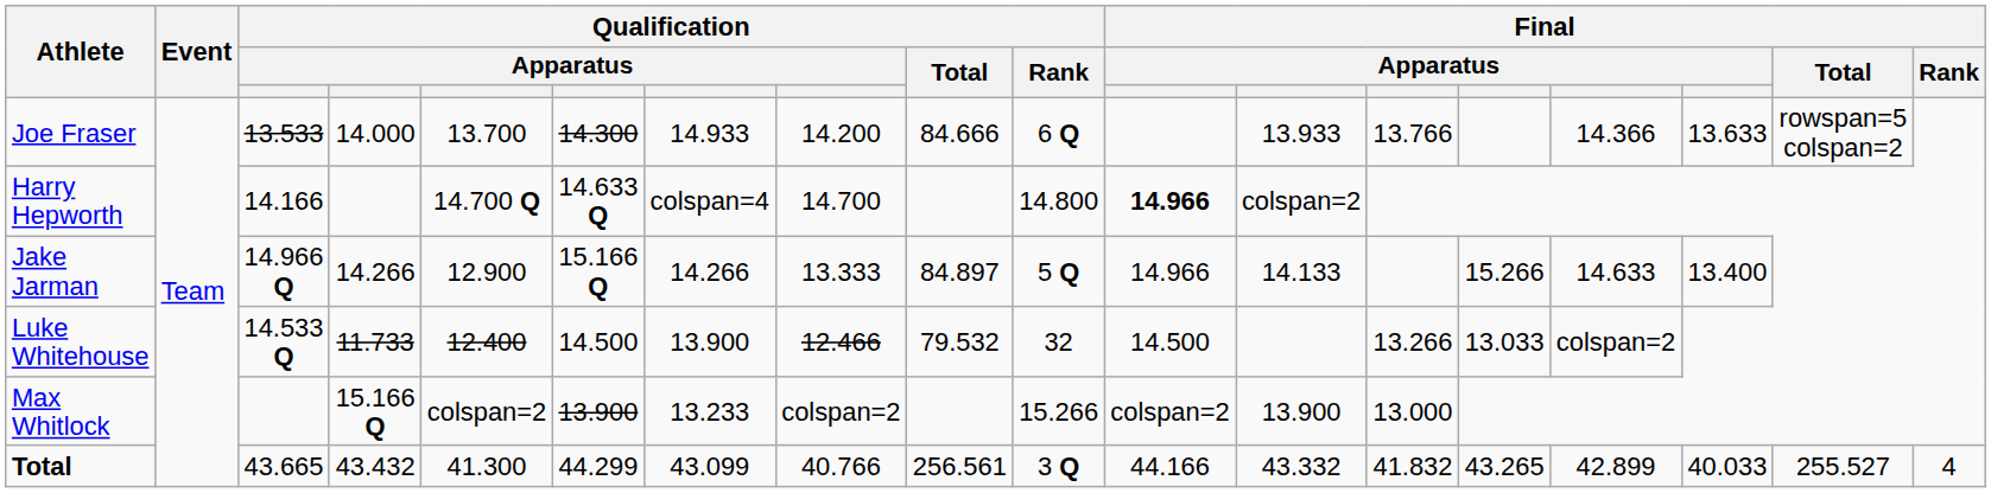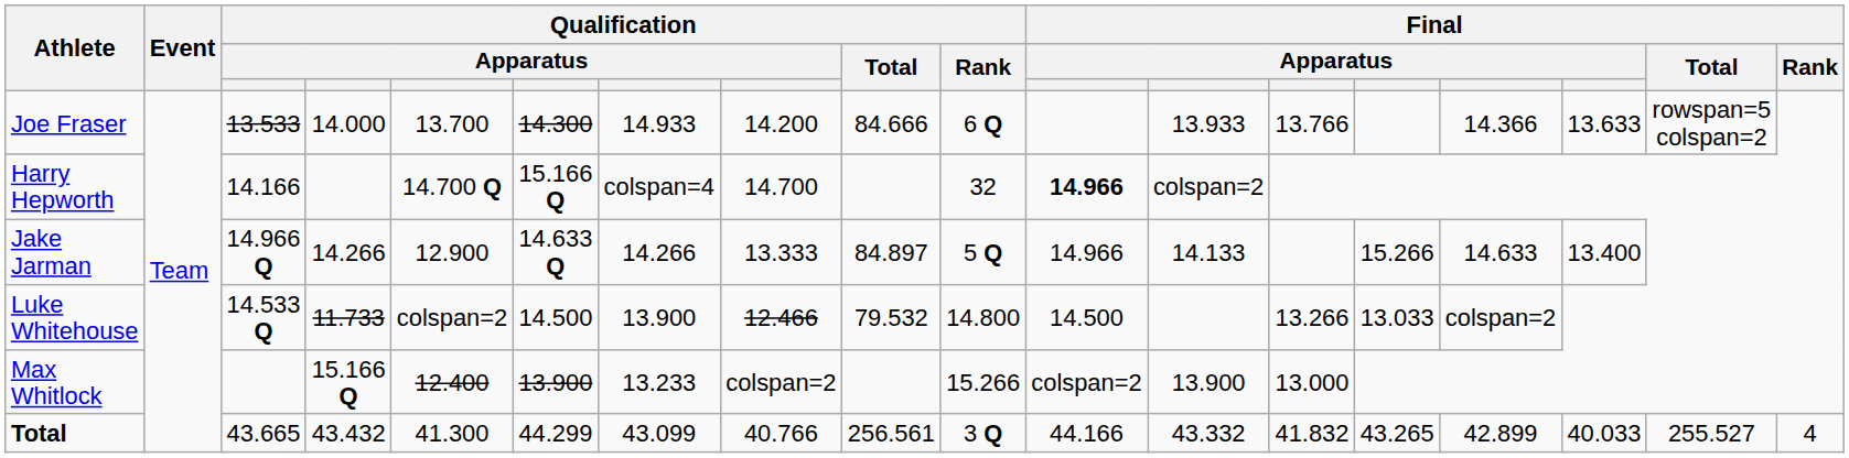 <table class=wikitable style=font-size:90%;text-align:center>
 <tr>
 <th rowspan=3>Athlete</th>
 <th rowspan=3>Event</th>
 <th colspan=8>Qualification</th>
 <th colspan=8>Final</th>
 </tr>
 <tr style=font-size:95%>
 <th colspan=6>Apparatus</th>
 <th rowspan=2>Total</th>
 <th rowspan=2>Rank</th>
 <th colspan=6>Apparatus</th>
 <th rowspan=2>Total</th>
 <th rowspan=2>Rank</th>
 </tr>
 <tr style=font-size:95%>
 <th></th>
 <th></th>
 <th></th>
 <th></th>
 <th></th>
 <th></th>
 <th></th>
 <th></th>
 <th></th>
 <th></th>
 <th></th>
 <th></th>
 </tr>
 <tr>
 <td align=left><a href='#'>Joe Fraser</a></td>
 <td align=left rowspan=6><a href='#'>Team</a></td>
 <td><s>13.533</s></td>
 <td>14.000</td>
 <td>13.700</td>
 <td><s>14.300</s></td>
 <td>14.933</td>
 <td>14.200</td>
 <td>84.666</td>
 <td>6 <strong>Q</strong></td>
 <td></td>
 <td>13.933</td>
 <td>13.766</td>
 <td></td>
 <td>14.366</td>
 <td>13.633</td>
 <td>rowspan=5 colspan=2 </td>
 </tr>
 <tr>
 <td align=left><a href='#'>Harry Hepworth</a></td>
 <td>14.166</td>
 <td></td>
 <td>14.700 <strong>Q</strong></td>
-<td>14.633 <strong>Q</strong></td>
+<td>15.166 <strong>Q</strong></td>
 <td>colspan=4 </td>
 <td>14.700</td>
 <td></td>
-<td>14.800</td>
+<td>32</td>
 <td><strong>14.966</strong></td>
 <td>colspan=2 </td>
 </tr>
 <tr>
 <td align=left><a href='#'>Jake Jarman</a></td>
 <td>14.966 <strong>Q</strong></td>
 <td>14.266</td>
 <td>12.900</td>
-<td>15.166 <strong>Q</strong></td>
+<td>14.633 <strong>Q</strong></td>
 <td>14.266</td>
 <td>13.333</td>
 <td>84.897</td>
 <td>5 <strong>Q</strong></td>
 <td>14.966</td>
 <td>14.133</td>
 <td></td>
 <td>15.266</td>
 <td>14.633</td>
 <td>13.400</td>
 </tr>
 <tr>
 <td align=left><a href='#'>Luke Whitehouse</a></td>
 <td>14.533 <strong>Q</strong></td>
 <td><s>11.733</s></td>
-<td><s>12.400</s></td>
+<td>colspan=2 </td>
 <td>14.500</td>
 <td>13.900</td>
 <td><s>12.466</s></td>
 <td>79.532</td>
-<td>32</td>
+<td>14.800</td>
 <td>14.500</td>
 <td></td>
 <td>13.266</td>
 <td>13.033</td>
 <td>colspan=2 </td>
 </tr>
 <tr>
 <td align=left><a href='#'>Max Whitlock</a></td>
 <td></td>
 <td>15.166 <strong>Q</strong></td>
-<td>colspan=2 </td>
+<td><s>12.400</s></td>
 <td><s>13.900</s></td>
 <td>13.233</td>
 <td>colspan=2 </td>
 <td></td>
 <td>15.266</td>
 <td>colspan=2 </td>
 <td>13.900</td>
 <td>13.000</td>
 </tr>
 <tr>
 <td align=left><strong>Total</strong></td>
 <td>43.665</td>
 <td>43.432</td>
 <td>41.300</td>
 <td>44.299</td>
 <td>43.099</td>
 <td>40.766</td>
 <td>256.561</td>
 <td>3 <strong>Q</strong></td>
 <td>44.166</td>
 <td>43.332</td>
 <td>41.832</td>
 <td>43.265</td>
 <td>42.899</td>
 <td>40.033</td>
 <td>255.527</td>
 <td>4</td>
 </tr>
 </table>
